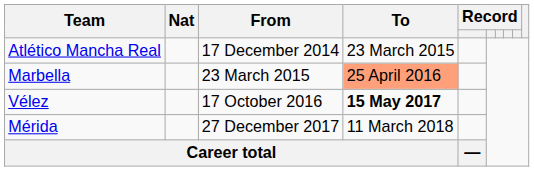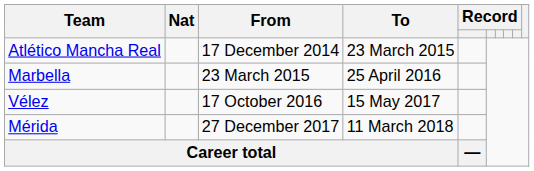 <table class="wikitable" style="text-align: center">
 <tr>
 <th rowspan="2">Team</th>
 <th rowspan="2">Nat</th>
 <th rowspan="2">From</th>
 <th rowspan="2">To</th>
 <th colspan="5">Record</th>
 <th rowspan=2></th>
 </tr>
 <tr>
 <th></th>
 <th></th>
 <th></th>
 <th></th>
 <th></th>
 </tr>
 <tr>
 <td align="left"><a href='#'>Atlético Mancha Real</a></td>
 <td></td>
 <td align=left>17 December 2014</td>
 <td align=left>23 March 2015<br></td>
 <td></td>
 </tr>
 <tr>
 <td align="left"><a href='#'>Marbella</a></td>
 <td></td>
 <td align=left>23 March 2015</td>
-<td align=left style="background: lightsalmon;">25 April 2016<br></td>
+<td align=left>25 April 2016<br></td>
 <td></td>
 </tr>
 <tr>
 <td align="left"><a href='#'>Vélez</a></td>
 <td></td>
 <td align=left>17 October 2016</td>
-<td align=left><strong>15 May 2017<br></strong></td>
+<td align=left>15 May 2017<br></td>
 <td></td>
 </tr>
 <tr>
 <td align="left"><a href='#'>Mérida</a></td>
 <td></td>
 <td align=left>27 December 2017</td>
 <td align=left>11 March 2018<br></td>
 <td></td>
 </tr>
 <tr>
 <th colspan=4>Career total<br></th>
 <th>—</th>
 </tr>
 </table>
